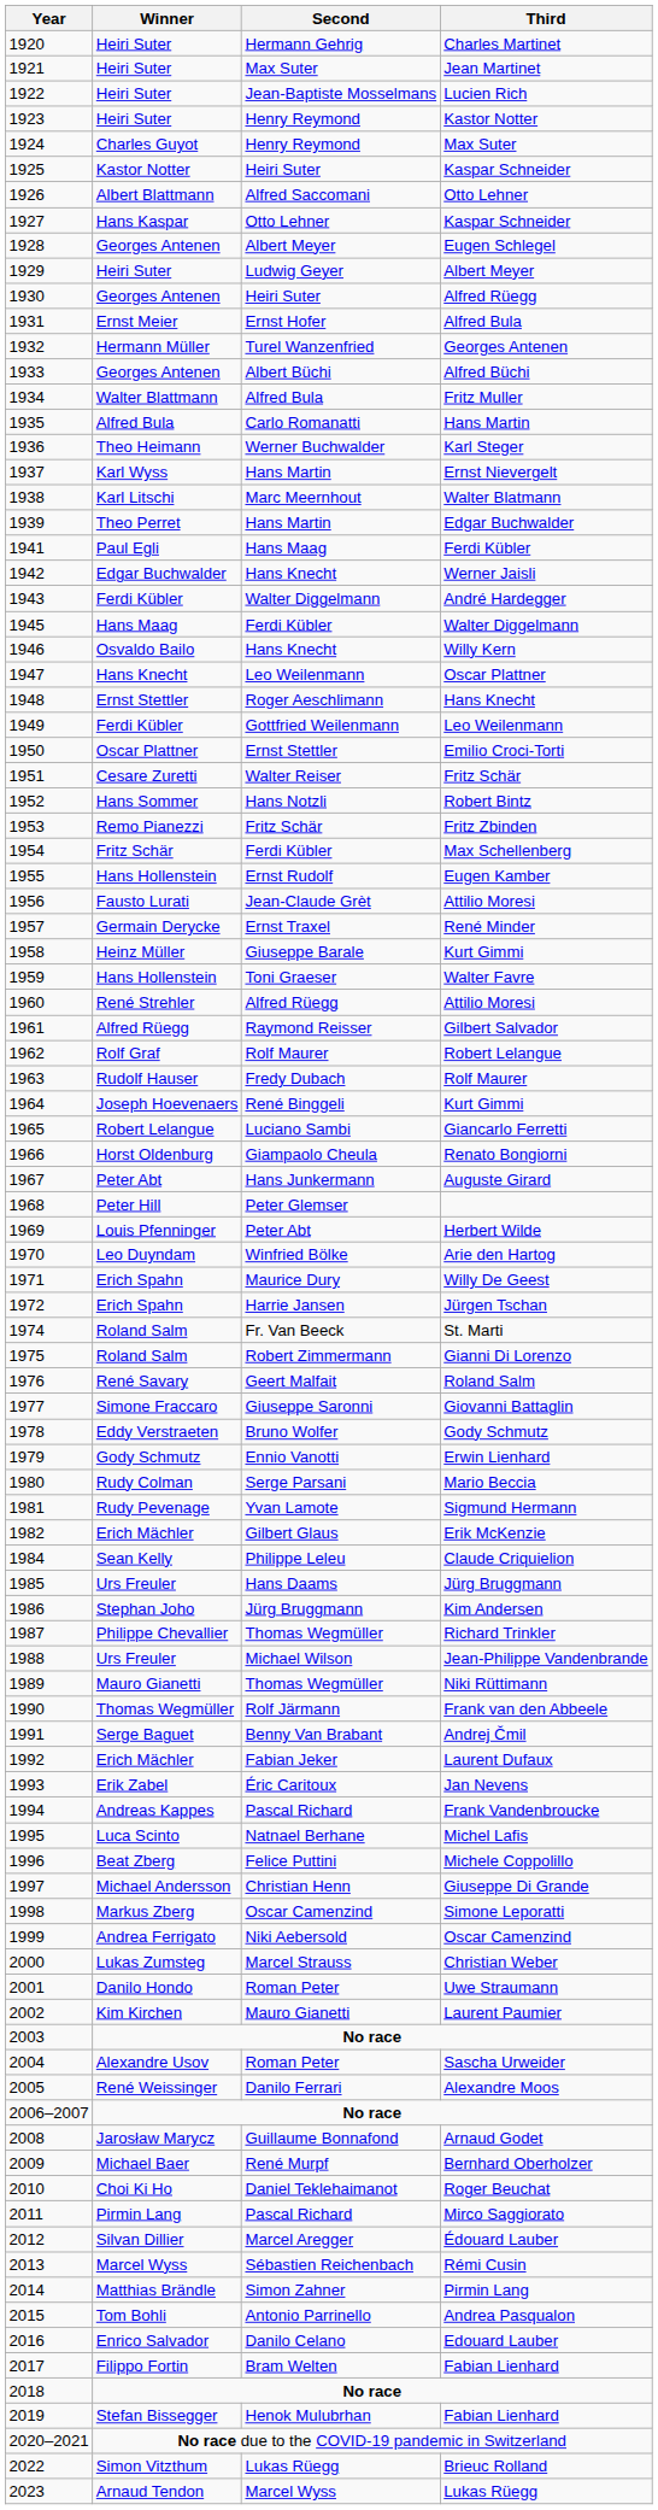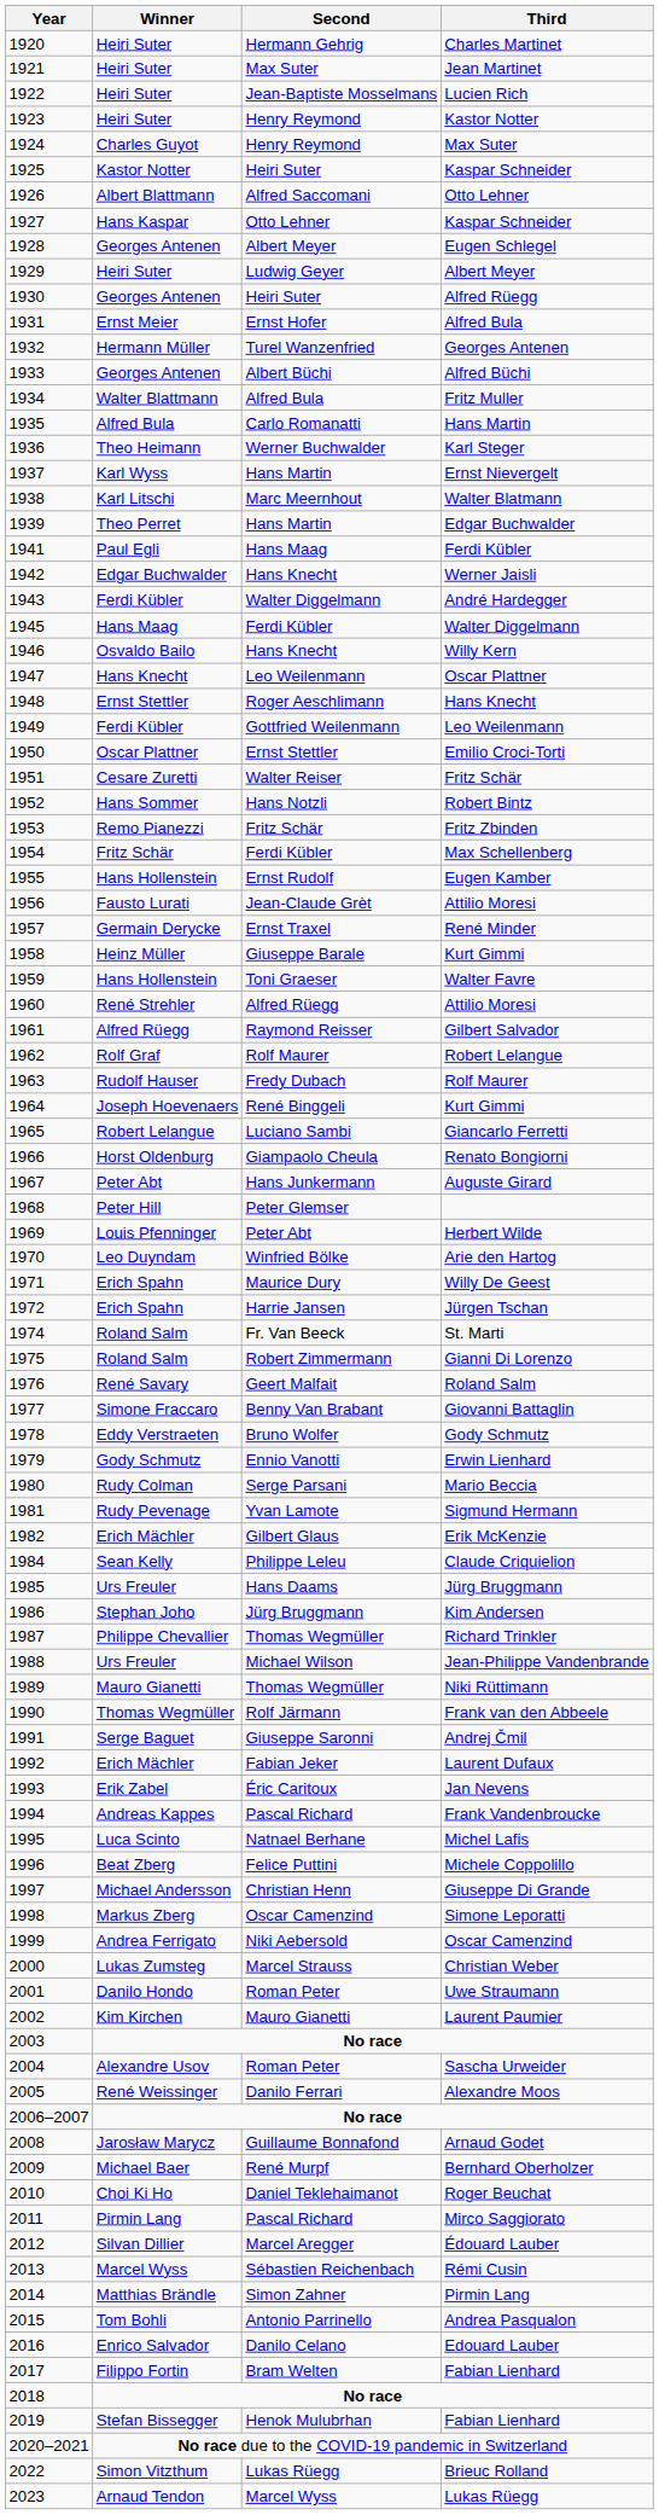 <table class="wikitable" style="font-size:95%">
 <tr>
 <th>Year</th>
 <th>Winner</th>
 <th>Second</th>
 <th>Third</th>
 </tr>
 <tr>
 <td>1920</td>
 <td> <a href='#'>Heiri Suter</a></td>
 <td> <a href='#'>Hermann Gehrig</a></td>
 <td> <a href='#'>Charles Martinet</a></td>
 </tr>
 <tr>
 <td>1921</td>
 <td> <a href='#'>Heiri Suter</a></td>
 <td> <a href='#'>Max Suter</a></td>
 <td> <a href='#'>Jean Martinet</a></td>
 </tr>
 <tr>
 <td>1922</td>
 <td> <a href='#'>Heiri Suter</a></td>
 <td> <a href='#'>Jean-Baptiste Mosselmans</a></td>
 <td> <a href='#'>Lucien Rich</a></td>
 </tr>
 <tr>
 <td>1923</td>
 <td> <a href='#'>Heiri Suter</a></td>
 <td> <a href='#'>Henry Reymond</a></td>
 <td> <a href='#'>Kastor Notter</a></td>
 </tr>
 <tr>
 <td>1924</td>
 <td> <a href='#'>Charles Guyot</a></td>
 <td> <a href='#'>Henry Reymond</a></td>
 <td> <a href='#'>Max Suter</a></td>
 </tr>
 <tr>
 <td>1925</td>
 <td> <a href='#'>Kastor Notter</a></td>
 <td> <a href='#'>Heiri Suter</a></td>
 <td> <a href='#'>Kaspar Schneider</a></td>
 </tr>
 <tr>
 <td>1926</td>
 <td> <a href='#'>Albert Blattmann</a></td>
 <td> <a href='#'>Alfred Saccomani</a></td>
 <td> <a href='#'>Otto Lehner</a></td>
 </tr>
 <tr>
 <td>1927</td>
 <td> <a href='#'>Hans Kaspar</a></td>
 <td> <a href='#'>Otto Lehner</a></td>
 <td> <a href='#'>Kaspar Schneider</a></td>
 </tr>
 <tr>
 <td>1928</td>
 <td> <a href='#'>Georges Antenen</a></td>
 <td> <a href='#'>Albert Meyer</a></td>
 <td> <a href='#'>Eugen Schlegel</a></td>
 </tr>
 <tr>
 <td>1929</td>
 <td> <a href='#'>Heiri Suter</a></td>
 <td> <a href='#'>Ludwig Geyer</a></td>
 <td> <a href='#'>Albert Meyer</a></td>
 </tr>
 <tr>
 <td>1930</td>
 <td> <a href='#'>Georges Antenen</a></td>
 <td> <a href='#'>Heiri Suter</a></td>
 <td> <a href='#'>Alfred Rüegg</a></td>
 </tr>
 <tr>
 <td>1931</td>
 <td> <a href='#'>Ernst Meier</a></td>
 <td> <a href='#'>Ernst Hofer</a></td>
 <td> <a href='#'>Alfred Bula</a></td>
 </tr>
 <tr>
 <td>1932</td>
 <td> <a href='#'>Hermann Müller</a></td>
 <td> <a href='#'>Turel Wanzenfried</a></td>
 <td> <a href='#'>Georges Antenen</a></td>
 </tr>
 <tr>
 <td>1933</td>
 <td> <a href='#'>Georges Antenen</a></td>
 <td> <a href='#'>Albert Büchi</a></td>
 <td> <a href='#'>Alfred Büchi</a></td>
 </tr>
 <tr>
 <td>1934</td>
 <td> <a href='#'>Walter Blattmann</a></td>
 <td> <a href='#'>Alfred Bula</a></td>
 <td> <a href='#'>Fritz Muller</a></td>
 </tr>
 <tr>
 <td>1935</td>
 <td> <a href='#'>Alfred Bula</a></td>
 <td> <a href='#'>Carlo Romanatti</a></td>
 <td> <a href='#'>Hans Martin</a></td>
 </tr>
 <tr>
 <td>1936</td>
 <td> <a href='#'>Theo Heimann</a></td>
 <td> <a href='#'>Werner Buchwalder</a></td>
 <td> <a href='#'>Karl Steger</a></td>
 </tr>
 <tr>
 <td>1937</td>
 <td> <a href='#'>Karl Wyss</a></td>
 <td> <a href='#'>Hans Martin</a></td>
 <td> <a href='#'>Ernst Nievergelt</a></td>
 </tr>
 <tr>
 <td>1938</td>
 <td> <a href='#'>Karl Litschi</a></td>
 <td> <a href='#'>Marc Meernhout</a></td>
 <td> <a href='#'>Walter Blatmann</a></td>
 </tr>
 <tr>
 <td>1939</td>
 <td> <a href='#'>Theo Perret</a></td>
 <td> <a href='#'>Hans Martin</a></td>
 <td> <a href='#'>Edgar Buchwalder</a></td>
 </tr>
 <tr>
 <td>1941</td>
 <td> <a href='#'>Paul Egli</a></td>
 <td> <a href='#'>Hans Maag</a></td>
 <td> <a href='#'>Ferdi Kübler</a></td>
 </tr>
 <tr>
 <td>1942</td>
 <td> <a href='#'>Edgar Buchwalder</a></td>
 <td> <a href='#'>Hans Knecht</a></td>
 <td> <a href='#'>Werner Jaisli</a></td>
 </tr>
 <tr>
 <td>1943</td>
 <td> <a href='#'>Ferdi Kübler</a></td>
 <td> <a href='#'>Walter Diggelmann</a></td>
 <td> <a href='#'>André Hardegger</a></td>
 </tr>
 <tr>
 <td>1945</td>
 <td> <a href='#'>Hans Maag</a></td>
 <td> <a href='#'>Ferdi Kübler</a></td>
 <td> <a href='#'>Walter Diggelmann</a></td>
 </tr>
 <tr>
 <td>1946</td>
 <td> <a href='#'>Osvaldo Bailo</a></td>
 <td> <a href='#'>Hans Knecht</a></td>
 <td> <a href='#'>Willy Kern</a></td>
 </tr>
 <tr>
 <td>1947</td>
 <td> <a href='#'>Hans Knecht</a></td>
 <td> <a href='#'>Leo Weilenmann</a></td>
 <td> <a href='#'>Oscar Plattner</a></td>
 </tr>
 <tr>
 <td>1948</td>
 <td> <a href='#'>Ernst Stettler</a></td>
 <td> <a href='#'>Roger Aeschlimann</a></td>
 <td> <a href='#'>Hans Knecht</a></td>
 </tr>
 <tr>
 <td>1949</td>
 <td> <a href='#'>Ferdi Kübler</a></td>
 <td> <a href='#'>Gottfried Weilenmann</a></td>
 <td> <a href='#'>Leo Weilenmann</a></td>
 </tr>
 <tr>
 <td>1950</td>
 <td> <a href='#'>Oscar Plattner</a></td>
 <td> <a href='#'>Ernst Stettler</a></td>
 <td> <a href='#'>Emilio Croci-Torti</a></td>
 </tr>
 <tr>
 <td>1951</td>
 <td> <a href='#'>Cesare Zuretti</a></td>
 <td> <a href='#'>Walter Reiser</a></td>
 <td> <a href='#'>Fritz Schär</a></td>
 </tr>
 <tr>
 <td>1952</td>
 <td> <a href='#'>Hans Sommer</a></td>
 <td> <a href='#'>Hans Notzli</a></td>
 <td> <a href='#'>Robert Bintz</a></td>
 </tr>
 <tr>
 <td>1953</td>
 <td> <a href='#'>Remo Pianezzi</a></td>
 <td> <a href='#'>Fritz Schär</a></td>
 <td> <a href='#'>Fritz Zbinden</a></td>
 </tr>
 <tr>
 <td>1954</td>
 <td> <a href='#'>Fritz Schär</a></td>
 <td> <a href='#'>Ferdi Kübler</a></td>
 <td> <a href='#'>Max Schellenberg</a></td>
 </tr>
 <tr>
 <td>1955</td>
 <td> <a href='#'>Hans Hollenstein</a></td>
 <td> <a href='#'>Ernst Rudolf</a></td>
 <td> <a href='#'>Eugen Kamber</a></td>
 </tr>
 <tr>
 <td>1956</td>
 <td> <a href='#'>Fausto Lurati</a></td>
 <td> <a href='#'>Jean-Claude Grèt</a></td>
 <td> <a href='#'>Attilio Moresi</a></td>
 </tr>
 <tr>
 <td>1957</td>
 <td> <a href='#'>Germain Derycke</a></td>
 <td> <a href='#'>Ernst Traxel</a></td>
 <td> <a href='#'>René Minder</a></td>
 </tr>
 <tr>
 <td>1958</td>
 <td> <a href='#'>Heinz Müller</a></td>
 <td> <a href='#'>Giuseppe Barale</a></td>
 <td> <a href='#'>Kurt Gimmi</a></td>
 </tr>
 <tr>
 <td>1959</td>
 <td> <a href='#'>Hans Hollenstein</a></td>
 <td> <a href='#'>Toni Graeser</a></td>
 <td> <a href='#'>Walter Favre</a></td>
 </tr>
 <tr>
 <td>1960</td>
 <td> <a href='#'>René Strehler</a></td>
 <td> <a href='#'>Alfred Rüegg</a></td>
 <td> <a href='#'>Attilio Moresi</a></td>
 </tr>
 <tr>
 <td>1961</td>
 <td> <a href='#'>Alfred Rüegg</a></td>
 <td> <a href='#'>Raymond Reisser</a></td>
 <td> <a href='#'>Gilbert Salvador</a></td>
 </tr>
 <tr>
 <td>1962</td>
 <td> <a href='#'>Rolf Graf</a></td>
 <td> <a href='#'>Rolf Maurer</a></td>
 <td> <a href='#'>Robert Lelangue</a></td>
 </tr>
 <tr>
 <td>1963</td>
 <td> <a href='#'>Rudolf Hauser</a></td>
 <td> <a href='#'>Fredy Dubach</a></td>
 <td> <a href='#'>Rolf Maurer</a></td>
 </tr>
 <tr>
 <td>1964</td>
 <td> <a href='#'>Joseph Hoevenaers</a></td>
 <td> <a href='#'>René Binggeli</a></td>
 <td> <a href='#'>Kurt Gimmi</a></td>
 </tr>
 <tr>
 <td>1965</td>
 <td> <a href='#'>Robert Lelangue</a></td>
 <td> <a href='#'>Luciano Sambi</a></td>
 <td> <a href='#'>Giancarlo Ferretti</a></td>
 </tr>
 <tr>
 <td>1966</td>
 <td> <a href='#'>Horst Oldenburg</a></td>
 <td> <a href='#'>Giampaolo Cheula</a></td>
 <td> <a href='#'>Renato Bongiorni</a></td>
 </tr>
 <tr>
 <td>1967</td>
 <td> <a href='#'>Peter Abt</a></td>
 <td> <a href='#'>Hans Junkermann</a></td>
 <td> <a href='#'>Auguste Girard</a></td>
 </tr>
 <tr>
 <td>1968</td>
 <td> <a href='#'>Peter Hill</a></td>
 <td> <a href='#'>Peter Glemser</a></td>
 <td></td>
 </tr>
 <tr>
 <td>1969</td>
 <td> <a href='#'>Louis Pfenninger</a></td>
 <td> <a href='#'>Peter Abt</a></td>
 <td> <a href='#'>Herbert Wilde</a></td>
 </tr>
 <tr>
 <td>1970</td>
 <td> <a href='#'>Leo Duyndam</a></td>
 <td> <a href='#'>Winfried Bölke</a></td>
 <td> <a href='#'>Arie den Hartog</a></td>
 </tr>
 <tr>
 <td>1971</td>
 <td> <a href='#'>Erich Spahn</a></td>
 <td> <a href='#'>Maurice Dury</a></td>
 <td> <a href='#'>Willy De Geest</a></td>
 </tr>
 <tr>
 <td>1972</td>
 <td> <a href='#'>Erich Spahn</a></td>
 <td> <a href='#'>Harrie Jansen</a></td>
 <td> <a href='#'>Jürgen Tschan</a></td>
 </tr>
 <tr>
 <td>1974</td>
 <td> <a href='#'>Roland Salm</a></td>
 <td> Fr. Van Beeck</td>
 <td> St. Marti</td>
 </tr>
 <tr>
 <td>1975</td>
 <td> <a href='#'>Roland Salm</a></td>
 <td> <a href='#'>Robert Zimmermann</a></td>
 <td> <a href='#'>Gianni Di Lorenzo</a></td>
 </tr>
 <tr>
 <td>1976</td>
 <td> <a href='#'>René Savary</a></td>
 <td> <a href='#'>Geert Malfait</a></td>
 <td> <a href='#'>Roland Salm</a></td>
 </tr>
 <tr>
 <td>1977</td>
 <td> <a href='#'>Simone Fraccaro</a></td>
-<td> <a href='#'>Giuseppe Saronni</a></td>
+<td> <a href='#'>Benny Van Brabant</a></td>
 <td> <a href='#'>Giovanni Battaglin</a></td>
 </tr>
 <tr>
 <td>1978</td>
 <td> <a href='#'>Eddy Verstraeten</a></td>
 <td> <a href='#'>Bruno Wolfer</a></td>
 <td> <a href='#'>Gody Schmutz</a></td>
 </tr>
 <tr>
 <td>1979</td>
 <td> <a href='#'>Gody Schmutz</a></td>
 <td> <a href='#'>Ennio Vanotti</a></td>
 <td> <a href='#'>Erwin Lienhard</a></td>
 </tr>
 <tr>
 <td>1980</td>
 <td> <a href='#'>Rudy Colman</a></td>
 <td> <a href='#'>Serge Parsani</a></td>
 <td> <a href='#'>Mario Beccia</a></td>
 </tr>
 <tr>
 <td>1981</td>
 <td> <a href='#'>Rudy Pevenage</a></td>
 <td> <a href='#'>Yvan Lamote</a></td>
 <td> <a href='#'>Sigmund Hermann</a></td>
 </tr>
 <tr>
 <td>1982</td>
 <td> <a href='#'>Erich Mächler</a></td>
 <td> <a href='#'>Gilbert Glaus</a></td>
 <td> <a href='#'>Erik McKenzie</a></td>
 </tr>
 <tr>
 <td>1984</td>
 <td> <a href='#'>Sean Kelly</a></td>
 <td> <a href='#'>Philippe Leleu</a></td>
 <td> <a href='#'>Claude Criquielion</a></td>
 </tr>
 <tr>
 <td>1985</td>
 <td> <a href='#'>Urs Freuler</a></td>
 <td> <a href='#'>Hans Daams</a></td>
 <td> <a href='#'>Jürg Bruggmann</a></td>
 </tr>
 <tr>
 <td>1986</td>
 <td> <a href='#'>Stephan Joho</a></td>
 <td> <a href='#'>Jürg Bruggmann</a></td>
 <td> <a href='#'>Kim Andersen</a></td>
 </tr>
 <tr>
 <td>1987</td>
 <td> <a href='#'>Philippe Chevallier</a></td>
 <td> <a href='#'>Thomas Wegmüller</a></td>
 <td> <a href='#'>Richard Trinkler</a></td>
 </tr>
 <tr>
 <td>1988</td>
 <td> <a href='#'>Urs Freuler</a></td>
 <td> <a href='#'>Michael Wilson</a></td>
 <td> <a href='#'>Jean-Philippe Vandenbrande</a></td>
 </tr>
 <tr>
 <td>1989</td>
 <td> <a href='#'>Mauro Gianetti</a></td>
 <td> <a href='#'>Thomas Wegmüller</a></td>
 <td> <a href='#'>Niki Rüttimann</a></td>
 </tr>
 <tr>
 <td>1990</td>
 <td> <a href='#'>Thomas Wegmüller</a></td>
 <td> <a href='#'>Rolf Järmann</a></td>
 <td> <a href='#'>Frank van den Abbeele</a></td>
 </tr>
 <tr>
 <td>1991</td>
 <td> <a href='#'>Serge Baguet</a></td>
-<td> <a href='#'>Benny Van Brabant</a></td>
+<td> <a href='#'>Giuseppe Saronni</a></td>
 <td> <a href='#'>Andrej Čmil</a></td>
 </tr>
 <tr>
 <td>1992</td>
 <td> <a href='#'>Erich Mächler</a></td>
 <td> <a href='#'>Fabian Jeker</a></td>
 <td> <a href='#'>Laurent Dufaux</a></td>
 </tr>
 <tr>
 <td>1993</td>
 <td> <a href='#'>Erik Zabel</a></td>
 <td> <a href='#'>Éric Caritoux</a></td>
 <td> <a href='#'>Jan Nevens</a></td>
 </tr>
 <tr>
 <td>1994</td>
 <td> <a href='#'>Andreas Kappes</a></td>
 <td> <a href='#'>Pascal Richard</a></td>
 <td> <a href='#'>Frank Vandenbroucke</a></td>
 </tr>
 <tr>
 <td>1995</td>
 <td> <a href='#'>Luca Scinto</a></td>
 <td> <a href='#'>Natnael Berhane</a></td>
 <td> <a href='#'>Michel Lafis</a></td>
 </tr>
 <tr>
 <td>1996</td>
 <td> <a href='#'>Beat Zberg</a></td>
 <td> <a href='#'>Felice Puttini</a></td>
 <td> <a href='#'>Michele Coppolillo</a></td>
 </tr>
 <tr>
 <td>1997</td>
 <td> <a href='#'>Michael Andersson</a></td>
 <td> <a href='#'>Christian Henn</a></td>
 <td> <a href='#'>Giuseppe Di Grande</a></td>
 </tr>
 <tr>
 <td>1998</td>
 <td> <a href='#'>Markus Zberg</a></td>
 <td> <a href='#'>Oscar Camenzind</a></td>
 <td> <a href='#'>Simone Leporatti</a></td>
 </tr>
 <tr>
 <td>1999</td>
 <td> <a href='#'>Andrea Ferrigato</a></td>
 <td> <a href='#'>Niki Aebersold</a></td>
 <td> <a href='#'>Oscar Camenzind</a></td>
 </tr>
 <tr>
 <td>2000</td>
 <td> <a href='#'>Lukas Zumsteg</a></td>
 <td> <a href='#'>Marcel Strauss</a></td>
 <td> <a href='#'>Christian Weber</a></td>
 </tr>
 <tr>
 <td>2001</td>
 <td> <a href='#'>Danilo Hondo</a></td>
 <td> <a href='#'>Roman Peter</a></td>
 <td> <a href='#'>Uwe Straumann</a></td>
 </tr>
 <tr>
 <td>2002</td>
 <td> <a href='#'>Kim Kirchen</a></td>
 <td> <a href='#'>Mauro Gianetti</a></td>
 <td> <a href='#'>Laurent Paumier</a></td>
 </tr>
 <tr>
 <td>2003</td>
 <td colspan=3 align=center><strong>No race</strong></td>
 </tr>
 <tr>
 <td>2004</td>
 <td> <a href='#'>Alexandre Usov</a></td>
 <td> <a href='#'>Roman Peter</a></td>
 <td> <a href='#'>Sascha Urweider</a></td>
 </tr>
 <tr>
 <td>2005</td>
 <td> <a href='#'>René Weissinger</a></td>
 <td> <a href='#'>Danilo Ferrari</a></td>
 <td> <a href='#'>Alexandre Moos</a></td>
 </tr>
 <tr>
 <td>2006–2007</td>
 <td colspan=3 align=center><strong>No race</strong></td>
 </tr>
 <tr>
 <td>2008</td>
 <td> <a href='#'>Jarosław Marycz</a></td>
 <td> <a href='#'>Guillaume Bonnafond</a></td>
 <td> <a href='#'>Arnaud Godet</a></td>
 </tr>
 <tr>
 <td>2009</td>
 <td> <a href='#'>Michael Baer</a></td>
 <td> <a href='#'>René Murpf</a></td>
 <td> <a href='#'>Bernhard Oberholzer</a></td>
 </tr>
 <tr>
 <td>2010</td>
 <td> <a href='#'>Choi Ki Ho</a></td>
 <td> <a href='#'>Daniel Teklehaimanot</a></td>
 <td> <a href='#'>Roger Beuchat</a></td>
 </tr>
 <tr>
 <td>2011</td>
 <td> <a href='#'>Pirmin Lang</a></td>
 <td> <a href='#'>Pascal Richard</a></td>
 <td> <a href='#'>Mirco Saggiorato</a></td>
 </tr>
 <tr>
 <td>2012</td>
 <td> <a href='#'>Silvan Dillier</a></td>
 <td> <a href='#'>Marcel Aregger</a></td>
 <td> <a href='#'>Édouard Lauber</a></td>
 </tr>
 <tr>
 <td>2013</td>
 <td> <a href='#'>Marcel Wyss</a></td>
 <td> <a href='#'>Sébastien Reichenbach</a></td>
 <td> <a href='#'>Rémi Cusin</a></td>
 </tr>
 <tr>
 <td>2014</td>
 <td> <a href='#'>Matthias Brändle</a></td>
 <td> <a href='#'>Simon Zahner</a></td>
 <td> <a href='#'>Pirmin Lang</a></td>
 </tr>
 <tr>
 <td>2015</td>
 <td> <a href='#'>Tom Bohli</a></td>
 <td> <a href='#'>Antonio Parrinello</a></td>
 <td> <a href='#'>Andrea Pasqualon</a></td>
 </tr>
 <tr>
 <td>2016</td>
 <td> <a href='#'>Enrico Salvador</a></td>
 <td> <a href='#'>Danilo Celano</a></td>
 <td> <a href='#'>Edouard Lauber</a></td>
 </tr>
 <tr>
 <td>2017</td>
 <td> <a href='#'>Filippo Fortin</a></td>
 <td> <a href='#'>Bram Welten</a></td>
 <td> <a href='#'>Fabian Lienhard</a></td>
 </tr>
 <tr>
 <td>2018</td>
 <td colspan=3 align=center><strong>No race</strong></td>
 </tr>
 <tr>
 <td>2019</td>
 <td> <a href='#'>Stefan Bissegger</a></td>
 <td> <a href='#'>Henok Mulubrhan</a></td>
 <td> <a href='#'>Fabian Lienhard</a></td>
 </tr>
 <tr>
 <td>2020–2021</td>
 <td colspan=3 align=center><strong>No race</strong> due to the <a href='#'>COVID-19 pandemic in Switzerland</a></td>
 </tr>
 <tr>
 <td>2022</td>
 <td> <a href='#'>Simon Vitzthum</a></td>
 <td> <a href='#'>Lukas Rüegg</a></td>
 <td> <a href='#'>Brieuc Rolland</a></td>
 </tr>
 <tr>
 <td>2023</td>
 <td> <a href='#'>Arnaud Tendon</a></td>
 <td> <a href='#'>Marcel Wyss</a></td>
 <td> <a href='#'>Lukas Rüegg</a></td>
 </tr>
 </table>
